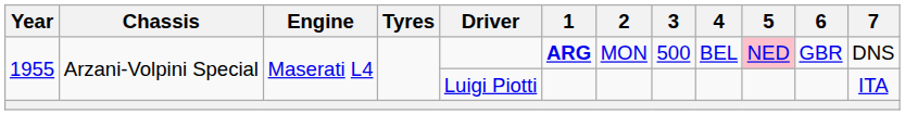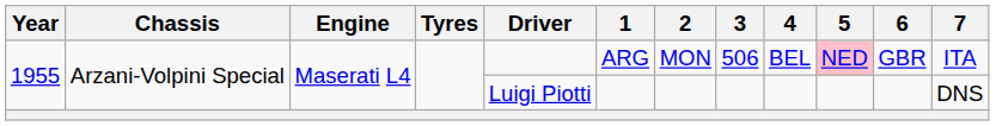 <table class="wikitable" style="text-align:center; font-size:95%">
 <tr>
 <th>Year</th>
 <th>Chassis</th>
 <th>Engine</th>
 <th>Tyres</th>
 <th>Driver</th>
 <th>1</th>
 <th>2</th>
 <th>3</th>
 <th>4</th>
 <th>5</th>
 <th>6</th>
 <th>7</th>
 </tr>
 <tr>
 <td rowspan="2"><a href='#'>1955</a></td>
 <td rowspan="2">Arzani-Volpini Special</td>
 <td rowspan="2"><a href='#'>Maserati</a> <a href='#'>L4</a></td>
 <td rowspan="2"></td>
 <td></td>
-<td><strong><a href='#'>ARG</a></strong></td>
+<td><a href='#'>ARG</a></td>
 <td><a href='#'>MON</a></td>
-<td><a href='#'>500</a></td>
+<td><a href='#'>506</a></td>
 <td><a href='#'>BEL</a></td>
 <td style="background: pink;"><a href='#'>NED</a></td>
 <td><a href='#'>GBR</a></td>
-<td>DNS</td>
+<td><a href='#'>ITA</a></td>
 </tr>
 <tr>
 <td> <a href='#'>Luigi Piotti</a></td>
 <td></td>
 <td></td>
 <td></td>
 <td></td>
 <td></td>
 <td></td>
-<td><a href='#'>ITA</a></td>
+<td>DNS</td>
 </tr>
 <tr>
 <th colspan="12"></th>
 </tr>
 </table>
